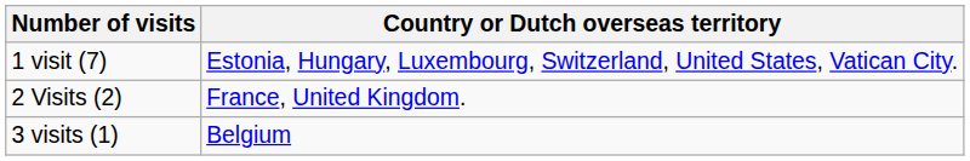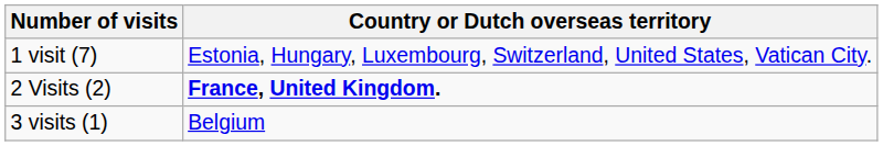 <table class="wikitable" style="margin: 1em auto 1em auto">
 <tr>
 <th>Number of visits</th>
 <th>Country or Dutch overseas territory</th>
 </tr>
 <tr>
 <td>1 visit (7)</td>
 <td><a href='#'>Estonia</a>, <a href='#'>Hungary</a>, <a href='#'>Luxembourg</a>, <a href='#'>Switzerland</a>, <a href='#'>United States</a>, <a href='#'>Vatican City</a>.</td>
 </tr>
 <tr>
 <td>2 Visits (2)</td>
-<td><a href='#'>France</a>, <a href='#'>United Kingdom</a>.</td>
+<td><strong><a href='#'>France</a>, <a href='#'>United Kingdom</a>.</strong></td>
 </tr>
 <tr>
 <td>3 visits (1)</td>
 <td><a href='#'>Belgium</a></td>
 </tr>
 </table>
